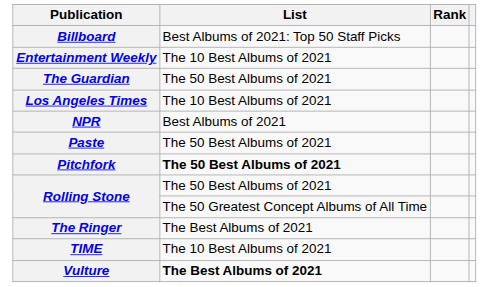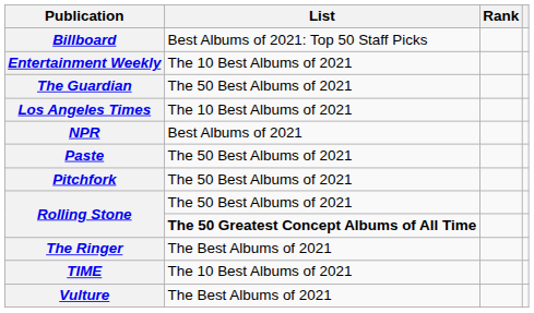 <table class="wikitable sortable plainrowheaders" style="margin-left: auto; margin-right: auto; border: none;">
 <tr>
 <th scope="col">Publication</th>
 <th scope="col" class="unsortable">List</th>
 <th scope="col" data-sort-type="number">Rank</th>
 <th scope="col" class="unsortable"></th>
 </tr>
 <tr>
 <th scope="row"><em><a href='#'>Billboard</a></em></th>
 <td>Best Albums of 2021: Top 50 Staff Picks</td>
 <td></td>
 <td></td>
 </tr>
 <tr>
 <th scope="row"><em><a href='#'>Entertainment Weekly</a></em></th>
 <td>The 10 Best Albums of 2021</td>
 <td></td>
 <td></td>
 </tr>
 <tr>
 <th scope="row"><em><a href='#'>The Guardian</a></em></th>
 <td>The 50 Best Albums of 2021</td>
 <td></td>
 <td></td>
 </tr>
 <tr>
 <th scope="row"><em><a href='#'>Los Angeles Times</a></em></th>
 <td>The 10 Best Albums of 2021</td>
 <td></td>
 <td></td>
 </tr>
 <tr>
 <th scope="row"><em><a href='#'>NPR</a></em></th>
 <td>Best Albums of 2021</td>
 <td></td>
 <td></td>
 </tr>
 <tr>
 <th scope="row"><em><a href='#'>Paste</a></em></th>
 <td>The 50 Best Albums of 2021</td>
 <td></td>
 <td></td>
 </tr>
 <tr>
 <th scope="row"><em><a href='#'>Pitchfork</a></em></th>
-<td><strong>The 50 Best Albums of 2021</strong></td>
+<td>The 50 Best Albums of 2021</td>
 <td></td>
 <td></td>
 </tr>
 <tr>
 <th scope="row" rowspan="2"><em><a href='#'>Rolling Stone</a></em></th>
 <td>The 50 Best Albums of 2021</td>
 <td></td>
 <td></td>
 </tr>
 <tr>
-<td>The 50 Greatest Concept Albums of All Time</td>
+<td><strong>The 50 Greatest Concept Albums of All Time</strong></td>
 <td></td>
 <td></td>
 </tr>
 <tr>
 <th scope="row"><em><a href='#'>The Ringer</a></em></th>
 <td>The Best Albums of 2021</td>
 <td></td>
 <td></td>
 </tr>
 <tr>
 <th scope="row"><em><a href='#'>TIME</a></em></th>
 <td>The 10 Best Albums of 2021</td>
 <td></td>
 <td></td>
 </tr>
 <tr>
 <th scope="row"><em><a href='#'>Vulture</a></em></th>
-<td><strong>The Best Albums of 2021</strong></td>
+<td>The Best Albums of 2021</td>
 <td></td>
 <td></td>
 </tr>
 </table>
